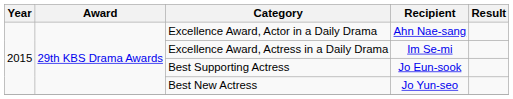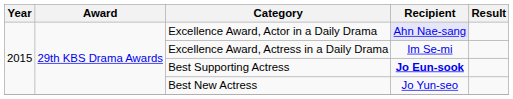 <table class="wikitable">
 <tr>
 <th>Year</th>
 <th>Award</th>
 <th>Category</th>
 <th>Recipient</th>
 <th>Result</th>
 </tr>
 <tr>
 <td rowspan="4" style="text-align:center;">2015</td>
 <td rowspan="4"><a href='#'>29th KBS Drama Awards</a></td>
 <td>Excellence Award, Actor in a Daily Drama</td>
-<td style="text-align:center;"><a href='#'>Ahn Nae-sang</a></td>
+<td style="background: lavender; text-align:center;"><a href='#'>Ahn Nae-sang</a></td>
 <td></td>
 </tr>
 <tr>
 <td>Excellence Award, Actress in a Daily Drama</td>
 <td style="text-align:center;"><a href='#'>Im Se-mi</a></td>
 <td></td>
 </tr>
 <tr>
 <td>Best Supporting Actress</td>
-<td style="text-align:center;"><a href='#'>Jo Eun-sook</a></td>
+<td style="text-align:center;"><strong><a href='#'>Jo Eun-sook</a></strong></td>
 <td></td>
 </tr>
 <tr>
 <td>Best New Actress</td>
 <td style="text-align:center;"><a href='#'>Jo Yun-seo</a></td>
 <td></td>
 </tr>
 <tr>
 </tr>
 </table>
